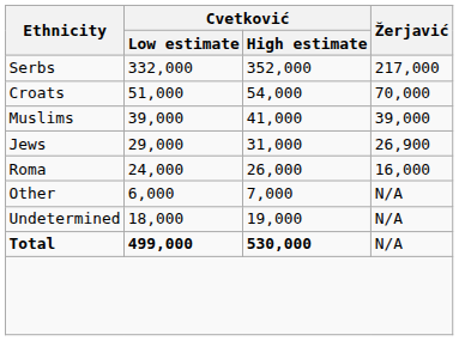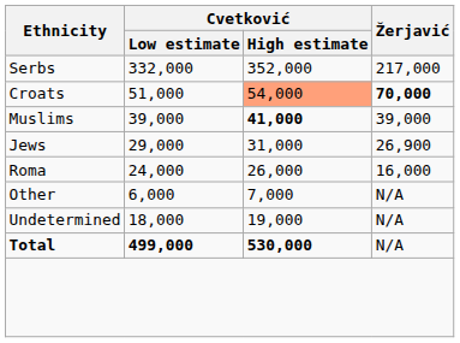 <table class="wikitable sortable">
 <tr>
 <th rowspan="2">Ethnicity</th>
 <th colspan="2">Cvetković</th>
 <th rowspan="2">Žerjavić</th>
 </tr>
 <tr align="center">
 <th data-sort-type=number>Low estimate</th>
 <th>High estimate</th>
 </tr>
 <tr>
 <td>Serbs</td>
 <td>332,000</td>
 <td>352,000</td>
 <td>217,000</td>
 </tr>
 <tr>
 <td>Croats</td>
 <td>51,000</td>
-<td>54,000</td>
-<td>70,000</td>
+<td style="background: lightsalmon;">54,000</td>
+<td><strong>70,000</strong></td>
 </tr>
 <tr>
 <td>Muslims</td>
 <td>39,000</td>
-<td>41,000</td>
+<td><strong>41,000</strong></td>
 <td>39,000</td>
 </tr>
 <tr>
 <td>Jews</td>
 <td>29,000</td>
 <td>31,000</td>
 <td>26,900</td>
 </tr>
 <tr>
 <td>Roma</td>
 <td>24,000</td>
 <td>26,000</td>
 <td>16,000</td>
 </tr>
 <tr>
 <td>Other</td>
 <td>6,000</td>
 <td>7,000</td>
 <td>N/A</td>
 </tr>
 <tr>
 <td>Undetermined</td>
 <td>18,000</td>
 <td>19,000</td>
 <td>N/A</td>
 </tr>
 <tr class="sortbottom">
 <td><strong>Total</strong></td>
 <td><strong>499,000</strong></td>
 <td><strong>530,000</strong></td>
 <td>N/A</td>
 </tr>
 <tr class="sortbottom">
 <td colspan="6"><br><br><br><br></td>
 </tr>
 </table>
